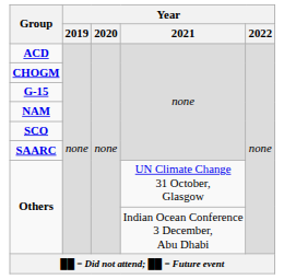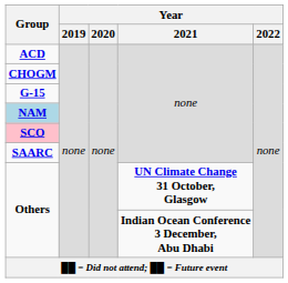 <table class="wikitable" style="font-size:85%; text-align:center; margin:1em auto;">
 <tr>
 <th rowspan="2">Group</th>
 <th colspan="4">Year</th>
 </tr>
 <tr>
 <th>2019</th>
 <th>2020</th>
 <th>2021</th>
 <th>2022</th>
 </tr>
 <tr>
 <td><strong><a href='#'>ACD</a></strong></td>
 <td rowspan="8" style="background:#dcdcdc;"><em>none</em></td>
 <td rowspan="8" style="background:#dcdcdc;"><em>none</em></td>
 <td rowspan="6" style="background:#dcdcdc;"><em>none</em></td>
 <td rowspan="8" style="background:#dcdcdc;"><em>none</em></td>
 </tr>
 <tr>
 <td><strong><a href='#'>CHOGM</a></strong></td>
 </tr>
 <tr>
 <td><strong><a href='#'>G-15</a></strong></td>
 </tr>
 <tr>
-<td><strong><a href='#'>NAM</a></strong></td>
+<td style="background: lightblue;"><strong><a href='#'>NAM</a></strong></td>
 </tr>
 <tr>
-<td><strong><a href='#'>SCO</a></strong></td>
+<td style="background: pink;"><strong><a href='#'>SCO</a></strong></td>
 </tr>
 <tr>
 <td><strong><a href='#'>SAARC</a></strong></td>
 </tr>
 <tr>
 <td rowspan="2"><strong>Others</strong></td>
-<td><a href='#'>UN Climate Change</a><br>31 October,<br>Glasgow</td>
+<td><strong><a href='#'>UN Climate Change</a><br>31 October,<br>Glasgow</strong></td>
 </tr>
 <tr>
-<td>Indian Ocean Conference<br>3 December,<br>Abu Dhabi</td>
+<td><strong>Indian Ocean Conference<br>3 December,<br>Abu Dhabi</strong></td>
 </tr>
 <tr>
 <th colspan="5"><small><em><span>██</span> = Did not attend; <span>██</span> = Future event</em></small></th>
 </tr>
 </table>
